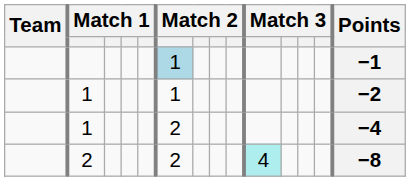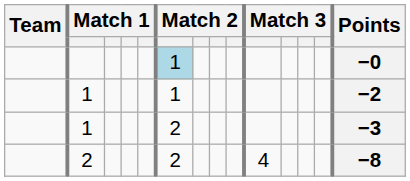 <table class="wikitable sortable" style="text-align:center;">
 <tr>
 <th rowspan=2>Team</th>
 <th colspan=4 style="border-left:3px solid gray">Match 1</th>
 <th colspan=4 style="border-left:3px solid gray">Match 2</th>
 <th colspan=4 style="border-left:3px solid gray">Match 3</th>
 <th rowspan=2 style="border-left:3px solid gray">Points</th>
 </tr>
 <tr>
 <th style="border-left:3px solid gray"></th>
 <th></th>
 <th></th>
 <th></th>
 <th style="border-left:3px solid gray"></th>
 <th></th>
 <th></th>
 <th></th>
 <th style="border-left:3px solid gray"></th>
 <th></th>
 <th></th>
 <th></th>
 </tr>
 <tr>
 <td align=left></td>
 <td style="border-left:3px solid gray"></td>
 <td></td>
 <td></td>
 <td></td>
 <td style="background: lightblue; border-left:3px solid gray">1</td>
 <td></td>
 <td></td>
 <td></td>
 <td style="border-left:3px solid gray"></td>
 <td></td>
 <td></td>
 <td></td>
-<th style="border-left:3px solid gray">−1</th>
+<th style="border-left:3px solid gray">−0</th>
 </tr>
 <tr>
 <td align=left></td>
 <td style="border-left:3px solid gray">1</td>
 <td></td>
 <td></td>
 <td></td>
 <td style="border-left:3px solid gray">1</td>
 <td></td>
 <td></td>
 <td></td>
 <td style="border-left:3px solid gray"></td>
 <td></td>
 <td></td>
 <td></td>
 <th style="border-left:3px solid gray">−2</th>
 </tr>
 <tr>
 <td align=left></td>
 <td style="border-left:3px solid gray">1</td>
 <td></td>
 <td></td>
 <td></td>
 <td style="border-left:3px solid gray">2</td>
 <td></td>
 <td></td>
 <td></td>
 <td style="border-left:3px solid gray"></td>
 <td></td>
 <td></td>
 <td></td>
-<th style="border-left:3px solid gray">−4</th>
+<th style="border-left:3px solid gray">−3</th>
 </tr>
 <tr>
 <td align=left></td>
 <td style="border-left:3px solid gray">2</td>
 <td></td>
 <td></td>
 <td></td>
 <td style="border-left:3px solid gray">2</td>
 <td></td>
 <td></td>
 <td></td>
-<td style="background: paleturquoise; border-left:3px solid gray">4</td>
+<td style="border-left:3px solid gray">4</td>
 <td></td>
 <td></td>
 <td></td>
 <th style="border-left:3px solid gray">−8</th>
 </tr>
 </table>
